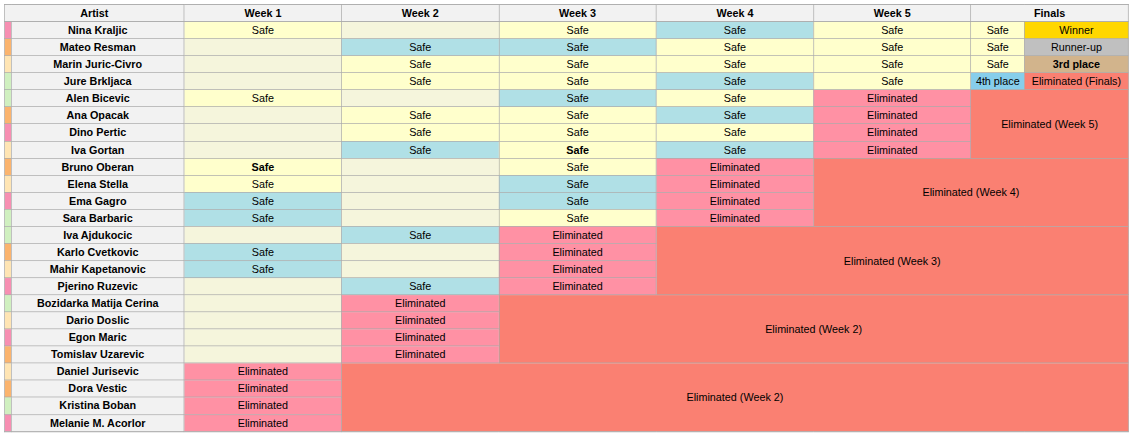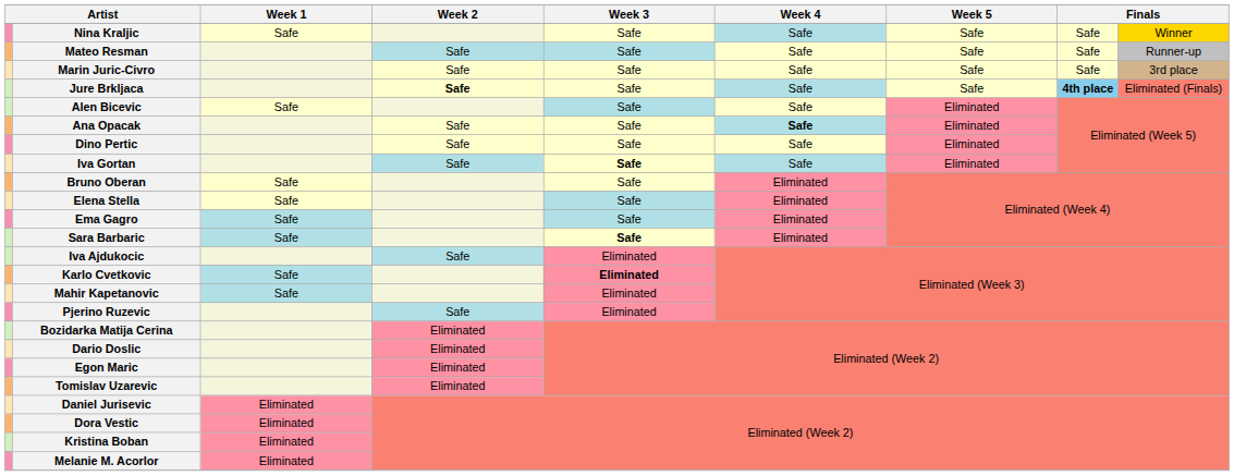 <table class="wikitable"  style="text-align:center; font-size:95%; width:100%;">
 <tr>
 </tr>
 <tr>
 <th colspan="2">Artist</th>
 <th style="width:14%;">Week 1</th>
 <th style="width:14%;">Week 2</th>
 <th style="width:14%;">Week 3</th>
 <th style="width:14%;">Week 4</th>
 <th style="width:14%;">Week 5</th>
 <th Colspan="2" style="width:14%;">Finals</th>
 </tr>
 <tr>
 </tr>
 <tr>
 <th style="background:#f78fb2;"></th>
 <th>Nina Kraljic</th>
 <td style="background:#ffc;">Safe</td>
 <td style="background:#F5F5DC;"></td>
 <td style="background:#ffc;">Safe</td>
 <td style="background:#B0E0E6;">Safe</td>
 <td style="background:#ffc;">Safe</td>
 <td style="background:#ffc;">Safe</td>
 <td style="background:gold;">Winner</td>
 </tr>
 <tr>
 <th style="background:#fbb46e;"></th>
 <th>Mateo Resman</th>
 <td style="background:#F5F5DC;"></td>
 <td style="background:#B0E0E6;">Safe</td>
 <td style="background:#B0E0E6;">Safe</td>
 <td style="background:#ffc;">Safe</td>
 <td style="background:#ffc;">Safe</td>
 <td style="background:#ffc;">Safe</td>
 <td style="background:silver;">Runner-up</td>
 </tr>
 <tr>
 <th style="background:#ffe5b4;"></th>
 <th>Marin        Juric-Civro</th>
 <td style="background:#F5F5DC;"></td>
 <td style="background:#ffc;">Safe</td>
 <td style="background:#ffc;">Safe</td>
 <td style="background:#ffc;">Safe</td>
 <td style="background:#ffc;">Safe</td>
 <td style="background:#ffc;">Safe</td>
-<td style="background:tan;"><strong>3rd place</strong></td>
+<td style="background:tan;">3rd place</td>
 </tr>
 <tr>
 <th style="background:#d0f0c0;"></th>
 <th>Jure Brkljaca</th>
 <td style="background:#F5F5DC;"></td>
-<td style="background:#ffc;">Safe</td>
+<td style="background:#ffc;"><strong>Safe</strong></td>
 <td style="background:#ffc;">Safe</td>
 <td style="background:#b0e0e6;">Safe</td>
 <td style="background:#ffc;">Safe</td>
-<td style="background:skyblue;">4th place</td>
+<td style="background:skyblue;"><strong>4th place</strong></td>
 <td style="background:salmon;">Eliminated (Finals)</td>
 </tr>
 <tr>
 <th style="background:#d0f0c0;"></th>
 <th>Alen Bicevic</th>
 <td style="background:#ffc;">Safe</td>
 <td style="background:#F5F5DC;"></td>
 <td style="background:#B0E0E6;">Safe</td>
 <td style="background:#ffc;">Safe</td>
 <td style="background:#FF91A4;">Eliminated</td>
 <td rowspan="4" colspan="5" style="background:salmon;">Eliminated (Week 5)</td>
 </tr>
 <tr>
 <th style="background:#fbb46e;"></th>
 <th>Ana Opacak</th>
 <td style="background:#F5F5DC;"></td>
 <td style="background:#ffc;">Safe</td>
 <td style="background:#ffc;">Safe</td>
-<td style="background:#B0E0E6;">Safe</td>
+<td style="background:#B0E0E6;"><strong>Safe</strong></td>
 <td style="background:#FF91A4;">Eliminated</td>
 </tr>
 <tr>
 <th style="background:#f78fb2;"></th>
 <th>Dino Pertic</th>
 <td style="background:#F5F5DC;"></td>
 <td style="background:#ffc;">Safe</td>
 <td style="background:#ffc;">Safe</td>
 <td style="background:#ffc;">Safe</td>
 <td style="background:#FF91A4;">Eliminated</td>
 </tr>
 <tr>
 <th style="background:#ffe5b4;"></th>
 <th>Iva Gortan</th>
 <td style="background:#F5F5DC;"></td>
 <td style="background:#B0E0E6;">Safe</td>
 <td style="background:#ffc;"><strong>Safe</strong></td>
 <td style="background:#B0E0E6;">Safe</td>
 <td style="background:#FF91A4;">Eliminated</td>
 </tr>
 <tr>
 <th style="background:#fbb46e;"></th>
 <th>Bruno Oberan</th>
-<td style="background:#ffc;"><strong>Safe</strong></td>
+<td style="background:#ffc;">Safe</td>
 <td style="background:#F5F5DC;"></td>
 <td style="background:#ffc;">Safe</td>
 <td style="background:#FF91A4;">Eliminated</td>
 <td rowspan="4" colspan="5" style="background:salmon;">Eliminated (Week 4)</td>
 </tr>
 <tr>
 <th style="background:#ffe5b4;"></th>
 <th>Elena Stella</th>
 <td style="background:#ffc;">Safe</td>
 <td style="background:#F5F5DC;"></td>
 <td style="background:#B0E0E6;">Safe</td>
 <td style="background:#FF91A4;">Eliminated</td>
 </tr>
 <tr>
 <th style="background:#f78fb2;"></th>
 <th>Ema Gagro</th>
 <td style="background:#B0E0E6;">Safe</td>
 <td style="background:#F5F5DC;"></td>
 <td style="background:#B0E0E6;">Safe</td>
 <td style="background:#FF91A4;">Eliminated</td>
 </tr>
 <tr>
 <th style="background:#d0f0c0;"></th>
 <th>Sara Barbaric</th>
 <td style="background:#B0E0E6;">Safe</td>
 <td style="background:#F5F5DC;"></td>
-<td style="background:#ffc;">Safe</td>
+<td style="background:#ffc;"><strong>Safe</strong></td>
 <td style="background:#FF91A4;">Eliminated</td>
 </tr>
 <tr>
 <th style="background:#d0f0c0;"></th>
 <th>Iva Ajdukocic</th>
 <td style="background:#F5F5DC;"></td>
 <td style="background:#B0E0E6;">Safe</td>
 <td style="background:#FF91A4;">Eliminated</td>
 <td rowspan="4" colspan="5" style="background:salmon;">Eliminated (Week 3)</td>
 </tr>
 <tr>
 <th style="background:#fbb46e;"></th>
 <th>Karlo Cvetkovic</th>
 <td style="background:#B0E0E6;">Safe</td>
 <td style="background:#F5F5DC;"></td>
-<td style="background:#FF91A4;">Eliminated</td>
+<td style="background:#FF91A4;"><strong>Eliminated</strong></td>
 </tr>
 <tr>
 <th style="background:#ffe5b4;"></th>
 <th>Mahir Kapetanovic</th>
 <td style="background:#B0E0E6;">Safe</td>
 <td style="background:#F5F5DC;"></td>
 <td style="background:#FF91A4;">Eliminated</td>
 </tr>
 <tr>
 <th style="background:#f78fb2;"></th>
 <th>Pjerino Ruzevic</th>
 <td style="background:#F5F5DC;"></td>
 <td style="background:#B0E0E6;">Safe</td>
 <td style="background:#FF91A4;">Eliminated</td>
 </tr>
 <tr>
 <th style="background:#d0f0c0;"></th>
 <th>Bozidarka Matija Cerina</th>
 <td style="background:#F5F5DC;"></td>
 <td style="background:#FF91A4;">Eliminated</td>
 <td rowspan="4" colspan="9" style="background:salmon;">Eliminated (Week 2)</td>
 </tr>
 <tr>
 <th style="background:#ffe5b4;"></th>
 <th>Dario Doslic</th>
 <td style="background:#F5F5DC;"></td>
 <td style="background:#FF91A4;">Eliminated</td>
 </tr>
 <tr>
 <th style="background:#f78fb2;"></th>
 <th>Egon Maric</th>
 <td style="background:#F5F5DC;"></td>
 <td style="background:#FF91A4;">Eliminated</td>
 </tr>
 <tr>
 <th style="background:#fbb46e;"></th>
 <th>Tomislav Uzarevic</th>
 <td style="background:#F5F5DC;"></td>
 <td style="background:#FF91A4;">Eliminated</td>
 </tr>
 <tr>
 <th style="background:#ffe5b4;"></th>
 <th>Daniel Jurisevic</th>
 <td style="background:#FF91A4;">Eliminated</td>
 <td rowspan="4" colspan="9" style="background:salmon;">Eliminated (Week 2)</td>
 </tr>
 <tr>
 <th style="background:#fbb46e;"></th>
 <th>Dora Vestic</th>
 <td style="background:#FF91A4;">Eliminated</td>
 </tr>
 <tr>
 <th style="background:#d0f0c0;"></th>
 <th>Kristina Boban</th>
 <td style="background:#FF91A4;">Eliminated</td>
 </tr>
 <tr>
 <th style="background:#f78fb2;"></th>
 <th>Melanie M. Acorlor</th>
 <td style="background:#FF91A4;">Eliminated</td>
 </tr>
 <tr>
 </tr>
 </table>
